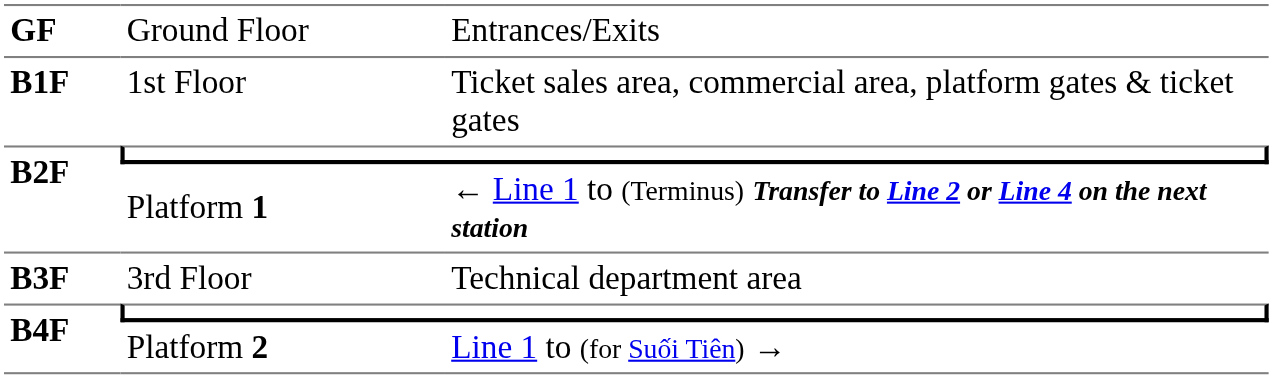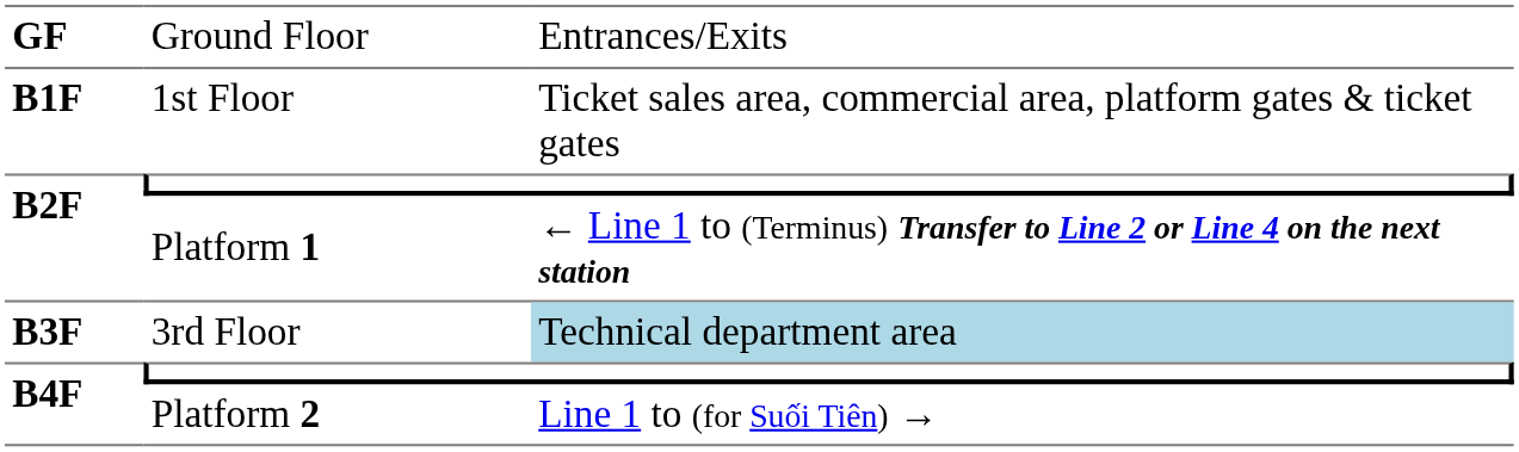 <table border=0 cellspacing=0 cellpadding=3>
 <tr>
 <td style="border-top:solid 1px gray;" width=50 valign=top><strong>GF</strong></td>
 <td style="border-top:solid 1px gray;" width=100 valign=top>Ground Floor</td>
 <td style="border-top:solid 1px gray;" width=390 valign=top>Entrances/Exits</td>
 </tr>
 <tr>
 <td style="vertical-align:top;border-top:solid 1px gray;"><strong>B1F</strong></td>
 <td style="vertical-align:top;border-top:solid 1px gray;">1st Floor</td>
 <td style="vertical-align:top;border-top:solid 1px gray;">Ticket sales area, commercial area, platform gates & ticket gates</td>
 </tr>
 <tr>
 <td style="border-bottom:solid 1px gray;vertical-align:top;border-top:solid 1px gray;" rowspan=2;><strong>B2F</strong></td>
 <td style="border-top:solid 1px gray;border-right:solid 2px black;border-left:solid 2px black;border-bottom:solid 2px black;text-align:center;" colspan=2></td>
 </tr>
 <tr>
 <td style="border-bottom:solid 1px gray;" width=150>Platform <span><strong>1</strong></span></td>
 <td style="border-bottom:solid 1px gray;" width=390>←  <a href='#'>Line 1</a> to  <small>(Terminus)</small> <small><strong><em>Transfer to <em></em> <a href='#'>Line 2</a> or <em></em> <a href='#'>Line 4</a> on the next station</em></strong></small></td>
 </tr>
 <tr>
 <td style="vertical-align:top;"><strong>B3F</strong></td>
 <td style="vertical-align:top;">3rd Floor</td>
-<td style="vertical-align:top;">Technical department area</td>
+<td style="background: lightblue; vertical-align:top;">Technical department area</td>
 </tr>
 <tr>
 <td style="border-bottom:solid 1px gray;vertical-align:top;border-top:solid 1px gray;" rowspan=2;><strong>B4F</strong></td>
 <td style="border-top:solid 1px gray;border-right:solid 2px black;border-left:solid 2px black;border-bottom:solid 2px black;text-align:center;" colspan=2></td>
 </tr>
 <tr>
 <td style="border-bottom:solid 1px gray;" width=150>Platform <span><strong>2</strong></span></td>
 <td style="border-bottom:solid 1px gray;" width=390>  <a href='#'>Line 1</a> to  <small>(for <a href='#'>Suối Tiên</a>)</small> →</td>
 </tr>
 </table>
